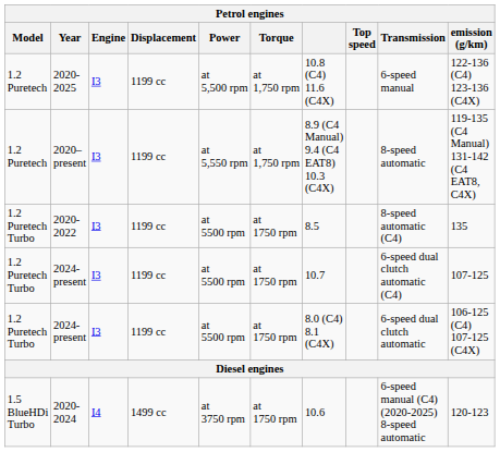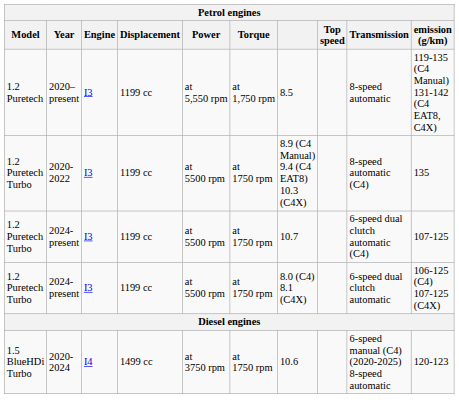 <table class="wikitable">
 <tr>
 <th colspan="10">Petrol engines</th>
 </tr>
 <tr>
 <th>Model</th>
 <th>Year</th>
 <th>Engine</th>
 <th>Displacement</th>
 <th>Power</th>
 <th>Torque</th>
 <th></th>
 <th>Top speed</th>
 <th>Transmission</th>
 <th> emission<br>(g/km)</th>
 </tr>
 <tr>
 <td>1.2 Puretech</td>
-<td>2020-2025</td>
-<td><a href='#'>I3</a></td>
-<td>1199 cc</td>
-<td> at 5,500 rpm</td>
-<td> at 1,750 rpm</td>
-<td>10.8 (C4) <br> 11.6 (C4X)  </td>
-<td></td>
-<td>6-speed manual</td>
-<td>122-136 (C4) <br> 123-136 (C4X)</td>
-</tr>
-<tr>
-<td>1.2 Puretech</td>
 <td>2020–present</td>
 <td><a href='#'>I3</a></td>
 <td>1199 cc</td>
 <td> at 5,550 rpm</td>
 <td> at 1,750 rpm</td>
-<td>8.9 (C4 Manual) <br> 9.4 (C4 EAT8) <br> 10.3 (C4X)  </td>
+<td>8.5 </td>
 <td></td>
 <td>8-speed automatic</td>
 <td>119-135 (C4 Manual) <br> 131-142 (C4 EAT8, C4X)</td>
 </tr>
 <tr>
 <td>1.2 Puretech Turbo</td>
 <td>2020-2022</td>
 <td><a href='#'>I3</a></td>
 <td>1199 cc</td>
 <td> at 5500 rpm</td>
 <td> at 1750 rpm</td>
-<td>8.5 </td>
+<td>8.9 (C4 Manual) <br> 9.4 (C4 EAT8) <br> 10.3 (C4X)  </td>
 <td></td>
 <td>8-speed automatic (C4)</td>
 <td>135</td>
 </tr>
 <tr>
 <td>1.2 Puretech Turbo</td>
 <td>2024-present</td>
 <td><a href='#'>I3</a></td>
 <td>1199 cc</td>
 <td> at 5500 rpm</td>
 <td> at 1750 rpm</td>
 <td>10.7 </td>
 <td></td>
 <td>6-speed dual clutch automatic (C4)</td>
 <td>107-125</td>
 </tr>
 <tr>
 <td>1.2 Puretech Turbo</td>
 <td>2024-present</td>
 <td><a href='#'>I3</a></td>
 <td>1199 cc</td>
 <td> at 5500 rpm</td>
 <td> at 1750 rpm</td>
 <td>8.0 (C4) <br> 8.1 (C4X)  </td>
 <td></td>
 <td>6-speed dual clutch automatic</td>
 <td>106-125 (C4) <br> 107-125 (C4X)</td>
 </tr>
 <tr>
 <th colspan="10"><strong>Diesel engines</strong></th>
 </tr>
 <tr>
 <td>1.5<br>BlueHDi Turbo</td>
 <td>2020-2024</td>
 <td><a href='#'>I4</a></td>
 <td>1499 cc</td>
 <td> at 3750 rpm</td>
 <td> at 1750 rpm</td>
 <td>10.6</td>
 <td></td>
 <td rowspan=1>6-speed manual (C4) (2020-2025) <br> 8-speed automatic</td>
 <td>120-123</td>
 </tr>
 </table>
